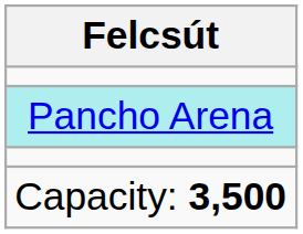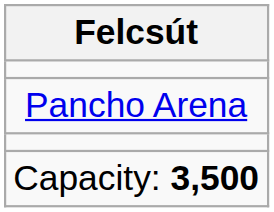 <table class="wikitable" style="text-align:center">
 <tr>
 <th>Felcsút</th>
 </tr>
 <tr>
 <td></td>
 </tr>
 <tr>
-<td style="background: paleturquoise;"><a href='#'>Pancho Arena</a></td>
+<td><a href='#'>Pancho Arena</a></td>
 </tr>
 <tr>
 <td><small></small></td>
 </tr>
 <tr>
 <td>Capacity: <strong>3,500</strong></td>
 </tr>
 </table>
